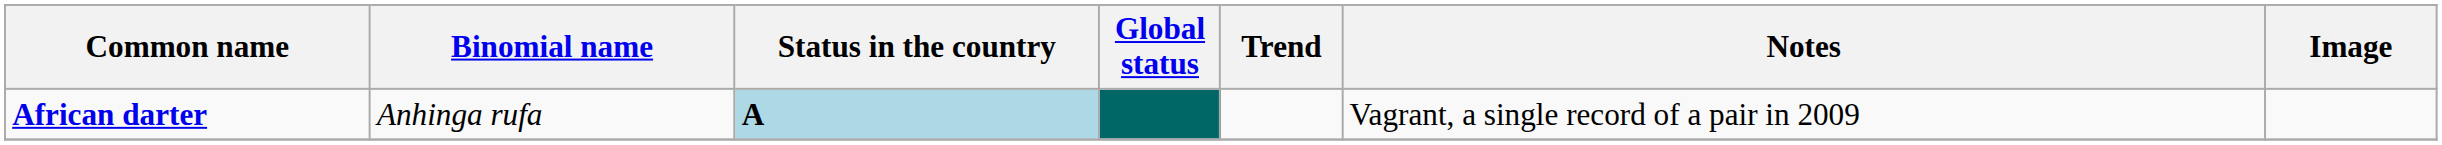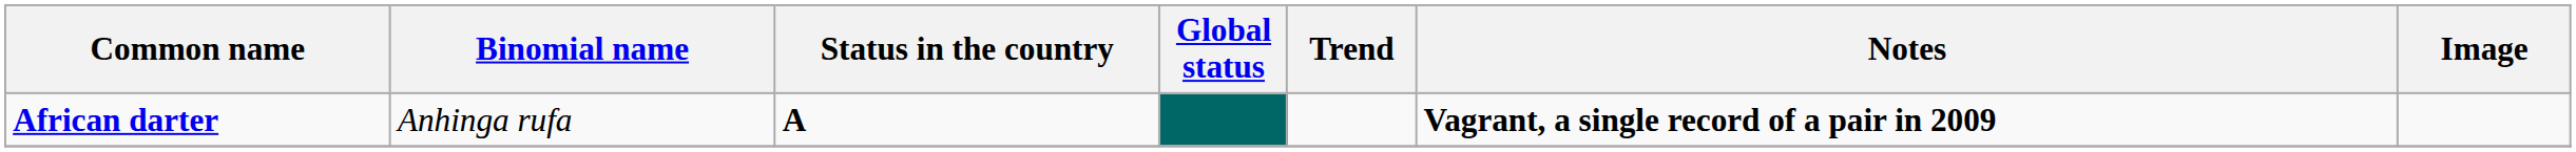 <table class="wikitable sortable">
 <tr>
 <th width="15%">Common name</th>
 <th width="15%"><a href='#'>Binomial name</a></th>
 <th data-sort-type="number" width="15%">Status in the country</th>
 <th width="5%"><a href='#'>Global status</a></th>
 <th width="5%">Trend</th>
 <th class="unsortable">Notes</th>
 <th class="unsortable">Image</th>
 </tr>
 <tr>
 <td><strong><a href='#'>African darter</a></strong></td>
 <td><em>Anhinga rufa</em></td>
-<td style="background: lightblue;"><strong>A</strong></td>
+<td><strong>A</strong></td>
 <td align=center style="background: #006666"></td>
 <td align=center></td>
-<td>Vagrant, a single record of a pair in 2009</td>
+<td><strong>Vagrant, a single record of a pair in 2009</strong></td>
 <td></td>
 </tr>
 <tr>
 </tr>
 </table>
